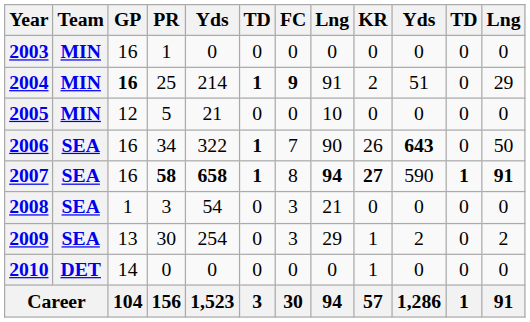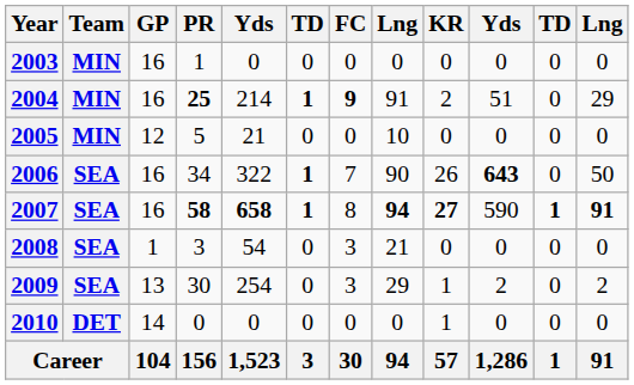 <table class="wikitable" style="text-align: center;">
 <tr>
 <th>Year</th>
 <th>Team</th>
 <th>GP</th>
 <th>PR</th>
 <th>Yds</th>
 <th>TD</th>
 <th>FC</th>
 <th>Lng</th>
 <th>KR</th>
 <th>Yds</th>
 <th>TD</th>
 <th>Lng</th>
 </tr>
 <tr>
 <th><a href='#'>2003</a></th>
 <th><a href='#'>MIN</a></th>
 <td>16</td>
 <td>1</td>
 <td>0</td>
 <td>0</td>
 <td>0</td>
 <td>0</td>
 <td>0</td>
 <td>0</td>
 <td>0</td>
 <td>0</td>
 </tr>
 <tr>
 <th><a href='#'>2004</a></th>
 <th><a href='#'>MIN</a></th>
-<td><strong>16</strong></td>
-<td>25</td>
+<td>16</td>
+<td><strong>25</strong></td>
 <td>214</td>
 <td><strong>1</strong></td>
 <td><strong>9</strong></td>
 <td>91</td>
 <td>2</td>
 <td>51</td>
 <td>0</td>
 <td>29</td>
 </tr>
 <tr>
 <th><a href='#'>2005</a></th>
 <th><a href='#'>MIN</a></th>
 <td>12</td>
 <td>5</td>
 <td>21</td>
 <td>0</td>
 <td>0</td>
 <td>10</td>
 <td>0</td>
 <td>0</td>
 <td>0</td>
 <td>0</td>
 </tr>
 <tr>
 <th><a href='#'>2006</a></th>
 <th><a href='#'>SEA</a></th>
 <td>16</td>
 <td>34</td>
 <td>322</td>
 <td><strong>1</strong></td>
 <td>7</td>
 <td>90</td>
 <td>26</td>
 <td><strong>643</strong></td>
 <td>0</td>
 <td>50</td>
 </tr>
 <tr>
 <th><a href='#'>2007</a></th>
 <th><a href='#'>SEA</a></th>
 <td>16</td>
 <td><strong>58</strong></td>
 <td><strong>658</strong></td>
 <td><strong>1</strong></td>
 <td>8</td>
 <td><strong>94</strong></td>
 <td><strong>27</strong></td>
 <td>590</td>
 <td><strong>1</strong></td>
 <td><strong>91</strong></td>
 </tr>
 <tr>
 <th><a href='#'>2008</a></th>
 <th><a href='#'>SEA</a></th>
 <td>1</td>
 <td>3</td>
 <td>54</td>
 <td>0</td>
 <td>3</td>
 <td>21</td>
 <td>0</td>
 <td>0</td>
 <td>0</td>
 <td>0</td>
 </tr>
 <tr>
 <th><a href='#'>2009</a></th>
 <th><a href='#'>SEA</a></th>
 <td>13</td>
 <td>30</td>
 <td>254</td>
 <td>0</td>
 <td>3</td>
 <td>29</td>
 <td>1</td>
 <td>2</td>
 <td>0</td>
 <td>2</td>
 </tr>
 <tr>
 <th><a href='#'>2010</a></th>
 <th><a href='#'>DET</a></th>
 <td>14</td>
 <td>0</td>
 <td>0</td>
 <td>0</td>
 <td>0</td>
 <td>0</td>
 <td>1</td>
 <td>0</td>
 <td>0</td>
 <td>0</td>
 </tr>
 <tr>
 <th colspan="2">Career</th>
 <th>104</th>
 <th>156</th>
 <th>1,523</th>
 <th>3</th>
 <th>30</th>
 <th>94</th>
 <th>57</th>
 <th>1,286</th>
 <th>1</th>
 <th>91</th>
 </tr>
 </table>
